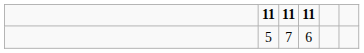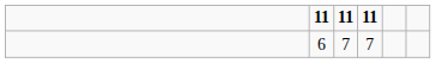 <table class="wikitable">
 <tr>
 <td style="width:18em"></td>
 <td align=center style="width:1em"><strong>11</strong></td>
 <td align=center style="width:1em"><strong>11</strong></td>
 <td align=center style="width:1em"><strong>11</strong></td>
 <td align=center style="width:1em"></td>
 <td align=center style="width:1em"></td>
 </tr>
 <tr>
 <td style="width:18em"></td>
-<td align=center style="width:1em">5</td>
+<td align=center style="width:1em">6</td>
 <td align=center style="width:1em">7</td>
-<td align=center style="width:1em">6</td>
+<td align=center style="width:1em">7</td>
 <td align=center style="width:1em"></td>
 <td align=center style="width:1em"></td>
 </tr>
 </table>
